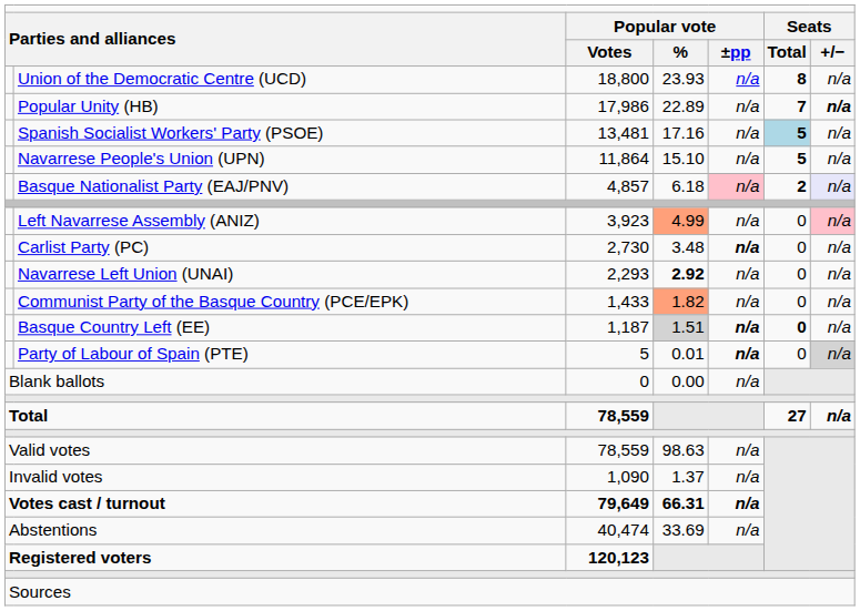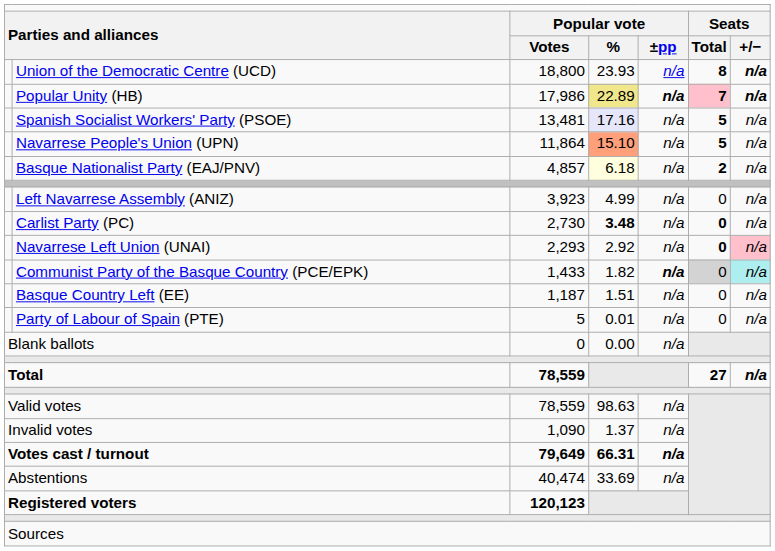 <table class="wikitable" style="text-align:right;">
 <tr>
 <td colspan="7"></td>
 </tr>
 <tr>
 <th style="text-align:left;" rowspan="2" colspan="2" width="525">Parties and alliances</th>
 <th colspan="3">Popular vote</th>
 <th colspan="2">Seats</th>
 </tr>
 <tr>
 <th width="75">Votes</th>
 <th width="45">%</th>
 <th width="45">±<a href='#'>pp</a></th>
 <th width="35">Total</th>
 <th width="35">+/−</th>
 </tr>
 <tr>
 <td width="1" style="color:inherit;background:"></td>
 <td align="left"><a href='#'>Union of the Democratic Centre</a> (UCD)</td>
 <td>18,800</td>
 <td>23.93</td>
 <td><em><a href='#'>n/a</a></em></td>
 <td><strong>8</strong></td>
-<td><em>n/a</em></td>
+<td><strong><em>n/a</em></strong></td>
 </tr>
 <tr>
 <td style="color:inherit;background:"></td>
 <td align="left"><a href='#'>Popular Unity</a> (HB)</td>
 <td>17,986</td>
-<td>22.89</td>
-<td><em>n/a</em></td>
-<td><strong>7</strong></td>
+<td style="background: khaki;">22.89</td>
+<td><strong><em>n/a</em></strong></td>
+<td style="background: pink;"><strong>7</strong></td>
 <td><strong><em>n/a</em></strong></td>
 </tr>
 <tr>
 <td style="color:inherit;background:"></td>
 <td align="left"><a href='#'>Spanish Socialist Workers' Party</a> (PSOE)</td>
 <td>13,481</td>
-<td>17.16</td>
+<td style="background: lavender;">17.16</td>
 <td><em>n/a</em></td>
-<td style="background: lightblue;"><strong>5</strong></td>
+<td><strong>5</strong></td>
 <td><em>n/a</em></td>
 </tr>
 <tr>
 <td style="color:inherit;background:"></td>
 <td align="left"><a href='#'>Navarrese People's Union</a> (UPN)</td>
 <td>11,864</td>
-<td>15.10</td>
+<td style="background: lightsalmon;">15.10</td>
 <td><em>n/a</em></td>
 <td><strong>5</strong></td>
 <td><em>n/a</em></td>
 </tr>
 <tr>
 <td style="color:inherit;background:"></td>
 <td align="left"><a href='#'>Basque Nationalist Party</a> (EAJ/PNV)</td>
 <td>4,857</td>
-<td>6.18</td>
-<td style="background: pink;"><em>n/a</em></td>
+<td style="background: lightyellow;">6.18</td>
+<td><em>n/a</em></td>
 <td><strong>2</strong></td>
-<td style="background: lavender;"><em>n/a</em></td>
+<td><em>n/a</em></td>
 </tr>
 <tr>
 <td colspan="7" bgcolor="#C0C0C0"></td>
 </tr>
 <tr>
 <td style="color:inherit;background:"></td>
 <td align="left"><a href='#'>Left Navarrese Assembly</a> (ANIZ)</td>
 <td>3,923</td>
-<td style="background: lightsalmon;">4.99</td>
+<td>4.99</td>
 <td><em>n/a</em></td>
 <td>0</td>
-<td style="background: pink;"><em>n/a</em></td>
+<td><em>n/a</em></td>
 </tr>
 <tr>
 <td style="color:inherit;background:"></td>
 <td align="left"><a href='#'>Carlist Party</a> (PC)</td>
 <td>2,730</td>
-<td>3.48</td>
-<td><strong><em>n/a</em></strong></td>
-<td>0</td>
+<td><strong>3.48</strong></td>
+<td><em>n/a</em></td>
+<td><strong>0</strong></td>
 <td><em>n/a</em></td>
 </tr>
 <tr>
 <td style="color:inherit;background:"></td>
 <td align="left"><a href='#'>Navarrese Left Union</a> (UNAI)</td>
 <td>2,293</td>
-<td><strong>2.92</strong></td>
+<td>2.92</td>
 <td><em>n/a</em></td>
-<td>0</td>
-<td><em>n/a</em></td>
+<td><strong>0</strong></td>
+<td style="background: pink;"><em>n/a</em></td>
 </tr>
 <tr>
 <td style="color:inherit;background:"></td>
 <td align="left"><a href='#'>Communist Party of the Basque Country</a> (PCE/EPK)</td>
 <td>1,433</td>
-<td style="background: lightsalmon;">1.82</td>
-<td><em>n/a</em></td>
-<td>0</td>
-<td><em>n/a</em></td>
+<td>1.82</td>
+<td><strong><em>n/a</em></strong></td>
+<td style="background: lightgrey;">0</td>
+<td style="background: paleturquoise;"><em>n/a</em></td>
 </tr>
 <tr>
 <td style="color:inherit;background:"></td>
 <td align="left"><a href='#'>Basque Country Left</a> (EE)</td>
 <td>1,187</td>
-<td style="background: lightgrey;">1.51</td>
-<td><strong><em>n/a</em></strong></td>
-<td><strong>0</strong></td>
+<td>1.51</td>
+<td><em>n/a</em></td>
+<td>0</td>
 <td><em>n/a</em></td>
 </tr>
 <tr>
 <td style="color:inherit;background:"></td>
 <td align="left"><a href='#'>Party of Labour of Spain</a> (PTE)</td>
 <td>5</td>
 <td>0.01</td>
-<td><strong><em>n/a</em></strong></td>
+<td><em>n/a</em></td>
 <td>0</td>
-<td style="background: lightgrey;"><em>n/a</em></td>
+<td><em>n/a</em></td>
 </tr>
 <tr>
 <td align="left" colspan="2">Blank ballots</td>
 <td>0</td>
 <td>0.00</td>
 <td><em>n/a</em></td>
 <td bgcolor="#E9E9E9" colspan="2"></td>
 </tr>
 <tr>
 <td colspan="7" bgcolor="#E9E9E9"></td>
 </tr>
 <tr style="font-weight:bold;">
 <td align="left" colspan="2">Total</td>
 <td>78,559</td>
 <td bgcolor="#E9E9E9" colspan="2"></td>
 <td>27</td>
 <td><em>n/a</em></td>
 </tr>
 <tr>
 <td colspan="7" bgcolor="#E9E9E9"></td>
 </tr>
 <tr>
 <td align="left" colspan="2">Valid votes</td>
 <td>78,559</td>
 <td>98.63</td>
 <td><em>n/a</em></td>
 <td bgcolor="#E9E9E9" colspan="2" rowspan="5"></td>
 </tr>
 <tr>
 <td align="left" colspan="2">Invalid votes</td>
 <td>1,090</td>
 <td>1.37</td>
 <td><em>n/a</em></td>
 </tr>
 <tr style="font-weight:bold;">
 <td align="left" colspan="2">Votes cast / turnout</td>
 <td>79,649</td>
 <td>66.31</td>
 <td><em>n/a</em></td>
 </tr>
 <tr>
 <td align="left" colspan="2">Abstentions</td>
 <td>40,474</td>
 <td>33.69</td>
 <td><em>n/a</em></td>
 </tr>
 <tr style="font-weight:bold;">
 <td align="left" colspan="2">Registered voters</td>
 <td>120,123</td>
 <td bgcolor="#E9E9E9" colspan="2"></td>
 </tr>
 <tr>
 <td colspan="7" bgcolor="#E9E9E9"></td>
 </tr>
 <tr>
 <td align="left" colspan="7">Sources</td>
 </tr>
 </table>
